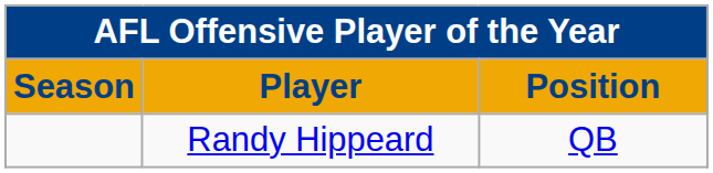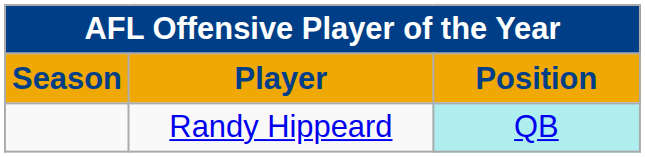 <table class="wikitable sortable" style="text-align:center">
 <tr>
 <td colspan="4" style="background:#003F87; color:#FFFFFF;"><strong>AFL Offensive Player of the Year</strong></td>
 </tr>
 <tr>
 <th style="width:50px; background:#F0A804; color:#003F87;">Season</th>
 <th style="width:150px; background:#F0A804; color:#003F87;">Player</th>
 <th style="width:100px; background:#F0A804; color:#003F87;">Position</th>
 </tr>
 <tr>
 <td></td>
 <td><a href='#'>Randy Hippeard</a></td>
-<td><a href='#'>QB</a></td>
+<td style="background: paleturquoise;"><a href='#'>QB</a></td>
 </tr>
 </table>
